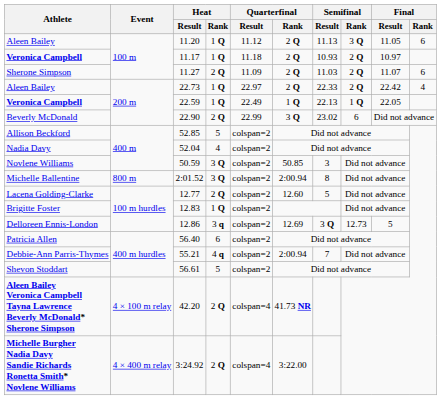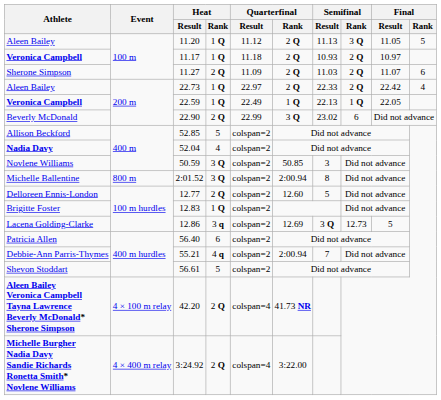 <table class=wikitable style="font-size:90%">
 <tr>
 <th rowspan="2">Athlete</th>
 <th rowspan="2">Event</th>
 <th colspan="2">Heat</th>
 <th colspan="2">Quarterfinal</th>
 <th colspan="2">Semifinal</th>
 <th colspan="2">Final</th>
 </tr>
 <tr style="font-size:95%">
 <th>Result</th>
 <th>Rank</th>
 <th>Result</th>
 <th>Rank</th>
 <th>Result</th>
 <th>Rank</th>
 <th>Result</th>
 <th>Rank</th>
 </tr>
 <tr align=center>
 <td align=left><a href='#'>Aleen Bailey</a></td>
 <td align=left rowspan=3><a href='#'>100 m</a></td>
 <td>11.20</td>
 <td>1 <strong>Q</strong></td>
 <td>11.12</td>
 <td>2 <strong>Q</strong></td>
 <td>11.13</td>
 <td>3 <strong>Q</strong></td>
 <td>11.05</td>
-<td>6</td>
+<td>5</td>
 </tr>
 <tr align=center>
 <td align=left><strong><a href='#'>Veronica Campbell</a></strong></td>
 <td>11.17</td>
 <td>1 <strong>Q</strong></td>
 <td>11.18</td>
 <td>2 <strong>Q</strong></td>
 <td>10.93</td>
 <td>2 <strong>Q</strong></td>
 <td>10.97</td>
 <td></td>
 </tr>
 <tr align=center>
 <td align=left><a href='#'>Sherone Simpson</a></td>
 <td>11.27</td>
 <td>2 <strong>Q</strong></td>
 <td>11.09</td>
 <td>2 <strong>Q</strong></td>
 <td>11.03</td>
 <td>2 <strong>Q</strong></td>
 <td>11.07</td>
 <td>6</td>
 </tr>
 <tr align=center>
 <td align=left><a href='#'>Aleen Bailey</a></td>
 <td align=left rowspan=3><a href='#'>200 m</a></td>
 <td>22.73</td>
 <td>1 <strong>Q</strong></td>
 <td>22.97</td>
 <td>2 <strong>Q</strong></td>
 <td>22.33</td>
 <td>2 <strong>Q</strong></td>
 <td>22.42</td>
 <td>4</td>
 </tr>
 <tr align=center>
 <td align=left><strong><a href='#'>Veronica Campbell</a></strong></td>
 <td>22.59</td>
 <td>1 <strong>Q</strong></td>
 <td>22.49</td>
 <td>1 <strong>Q</strong></td>
 <td>22.13</td>
 <td>1 <strong>Q</strong></td>
 <td>22.05</td>
 <td></td>
 </tr>
 <tr align=center>
 <td align=left><a href='#'>Beverly McDonald</a></td>
 <td>22.90</td>
 <td>2 <strong>Q</strong></td>
 <td>22.99</td>
 <td>3 <strong>Q</strong></td>
 <td>23.02</td>
 <td>6</td>
 <td colspan=2>Did not advance</td>
 </tr>
 <tr align=center>
 <td align=left><a href='#'>Allison Beckford</a></td>
 <td align=left rowspan=3><a href='#'>400 m</a></td>
 <td>52.85</td>
 <td>5</td>
 <td>colspan=2 </td>
 <td colspan=4>Did not advance</td>
 </tr>
 <tr align=center>
-<td align=left><a href='#'>Nadia Davy</a></td>
+<td align=left><strong><a href='#'>Nadia Davy</a></strong></td>
 <td>52.04</td>
 <td>4</td>
 <td>colspan=2 </td>
 <td colspan=4>Did not advance</td>
 </tr>
 <tr align=center>
 <td align=left><a href='#'>Novlene Williams</a></td>
 <td>50.59</td>
 <td>3 <strong>Q</strong></td>
 <td>colspan=2 </td>
 <td>50.85</td>
 <td>3</td>
 <td colspan=2>Did not advance</td>
 </tr>
 <tr align=center>
 <td align=left><a href='#'>Michelle Ballentine</a></td>
 <td align=left><a href='#'>800 m</a></td>
 <td>2:01.52</td>
 <td>3 <strong>Q</strong></td>
 <td>colspan=2 </td>
 <td>2:00.94</td>
 <td>8</td>
 <td colspan=2>Did not advance</td>
 </tr>
 <tr align=center>
-<td align=left><a href='#'>Lacena Golding-Clarke</a></td>
+<td align=left><a href='#'>Delloreen Ennis-London</a></td>
 <td align=left rowspan=3><a href='#'>100 m hurdles</a></td>
 <td>12.77</td>
 <td>2 <strong>Q</strong></td>
 <td>colspan=2 </td>
 <td>12.60</td>
 <td>5</td>
 <td colspan=2>Did not advance</td>
 </tr>
 <tr align=center>
 <td align=left><a href='#'>Brigitte Foster</a></td>
 <td>12.83</td>
 <td>1 <strong>Q</strong></td>
 <td>colspan=2 </td>
 <td colspan=2></td>
 <td colspan=2>Did not advance</td>
 </tr>
 <tr align=center>
-<td align=left><a href='#'>Delloreen Ennis-London</a></td>
+<td align=left><a href='#'>Lacena Golding-Clarke</a></td>
 <td>12.86</td>
 <td>3 <strong>q</strong></td>
 <td>colspan=2 </td>
 <td>12.69</td>
 <td>3 <strong>Q</strong></td>
 <td>12.73</td>
 <td>5</td>
 </tr>
 <tr align=center>
 <td align=left><a href='#'>Patricia Allen</a></td>
 <td align=left rowspan=3><a href='#'>400 m hurdles</a></td>
 <td>56.40</td>
 <td>6</td>
 <td>colspan=2 </td>
 <td colspan=4>Did not advance</td>
 </tr>
 <tr align=center>
 <td align=left><a href='#'>Debbie-Ann Parris-Thymes</a></td>
 <td>55.21</td>
 <td>4 <strong>q</strong></td>
 <td>colspan=2 </td>
 <td>2:00.94</td>
 <td>7</td>
 <td colspan=2>Did not advance</td>
 </tr>
 <tr align=center>
 <td align=left><a href='#'>Shevon Stoddart</a></td>
 <td>56.61</td>
 <td>5</td>
 <td>colspan=2 </td>
 <td colspan=4>Did not advance</td>
 </tr>
 <tr align=center>
 <td align=left><strong><a href='#'>Aleen Bailey</a><br><a href='#'>Veronica Campbell</a><br><a href='#'>Tayna Lawrence</a><br><a href='#'>Beverly McDonald</a>*<br><a href='#'>Sherone Simpson</a></strong></td>
 <td align=left><a href='#'>4 × 100 m relay</a></td>
 <td>42.20</td>
 <td>2 <strong>Q</strong></td>
 <td>colspan=4 </td>
 <td>41.73 <strong><a href='#'>NR</a></strong></td>
 <td></td>
 </tr>
 <tr align=center>
 <td align=left><strong><a href='#'>Michelle Burgher</a><br><a href='#'>Nadia Davy</a><br><a href='#'>Sandie Richards</a><br><a href='#'>Ronetta Smith</a>*<br><a href='#'>Novlene Williams</a></strong></td>
 <td align=left><a href='#'>4 × 400 m relay</a></td>
 <td>3:24.92</td>
 <td>2 <strong>Q</strong></td>
 <td>colspan=4 </td>
 <td>3:22.00</td>
 <td></td>
 </tr>
 </table>
